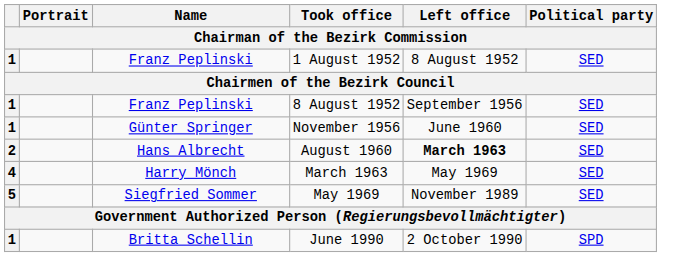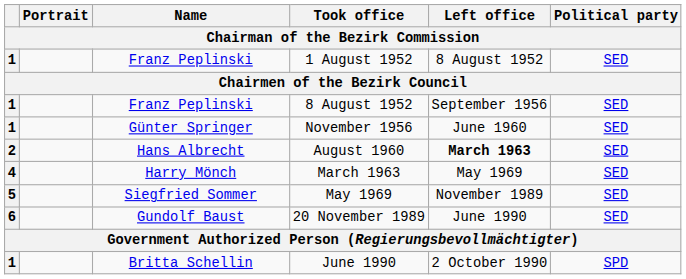 <table class="wikitable" style="text-align:center">
 <tr>
 <th></th>
 <th>Portrait</th>
 <th width=180>Name<br></th>
 <th>Took office</th>
 <th>Left office</th>
 <th>Political party</th>
 </tr>
 <tr>
 <th colspan=6>Chairman of the Bezirk Commission</th>
 </tr>
 <tr>
 <th style="background:">1</th>
 <td></td>
 <td><a href='#'>Franz Peplinski</a><br></td>
 <td>1 August 1952</td>
 <td>8 August 1952</td>
 <td><a href='#'>SED</a></td>
 </tr>
 <tr>
 <th colspan=6>Chairmen of the Bezirk Council</th>
 </tr>
 <tr>
 <th style="background:">1</th>
 <td></td>
 <td><a href='#'>Franz Peplinski</a><br></td>
 <td>8 August 1952</td>
 <td>September 1956</td>
 <td><a href='#'>SED</a></td>
 </tr>
 <tr>
 <th style="background:">1</th>
 <td></td>
 <td><a href='#'>Günter Springer</a><br></td>
 <td>November 1956</td>
 <td>June 1960</td>
 <td><a href='#'>SED</a></td>
 </tr>
 <tr>
 <th style="background:">2</th>
 <td></td>
 <td><a href='#'>Hans Albrecht</a><br></td>
 <td>August 1960</td>
 <td><strong>March 1963</strong></td>
 <td><a href='#'>SED</a></td>
 </tr>
 <tr>
 <th style="background:">4</th>
 <td></td>
 <td><a href='#'>Harry Mönch</a><br></td>
 <td>March 1963</td>
 <td>May 1969</td>
 <td><a href='#'>SED</a></td>
 </tr>
 <tr>
 <th style="background:">5</th>
 <td></td>
 <td><a href='#'>Siegfried Sommer</a><br></td>
 <td>May 1969</td>
 <td>November 1989</td>
 <td><a href='#'>SED</a></td>
 </tr>
 <tr>
+<th style="background:">6</th>
+<td></td>
+<td><a href='#'>Gundolf Baust</a><br></td>
+<td>20 November 1989</td>
+<td>June 1990</td>
+<td><a href='#'>SED</a></td>
+</tr>
+<tr>
 <th colspan=6>Government Authorized Person (<em>Regierungsbevollmächtigter</em>)</th>
 </tr>
 <tr>
 <th style="background:">1</th>
 <td></td>
 <td><a href='#'>Britta Schellin</a><br></td>
 <td>June 1990</td>
 <td>2 October 1990</td>
 <td><a href='#'>SPD</a></td>
 </tr>
 </table>
